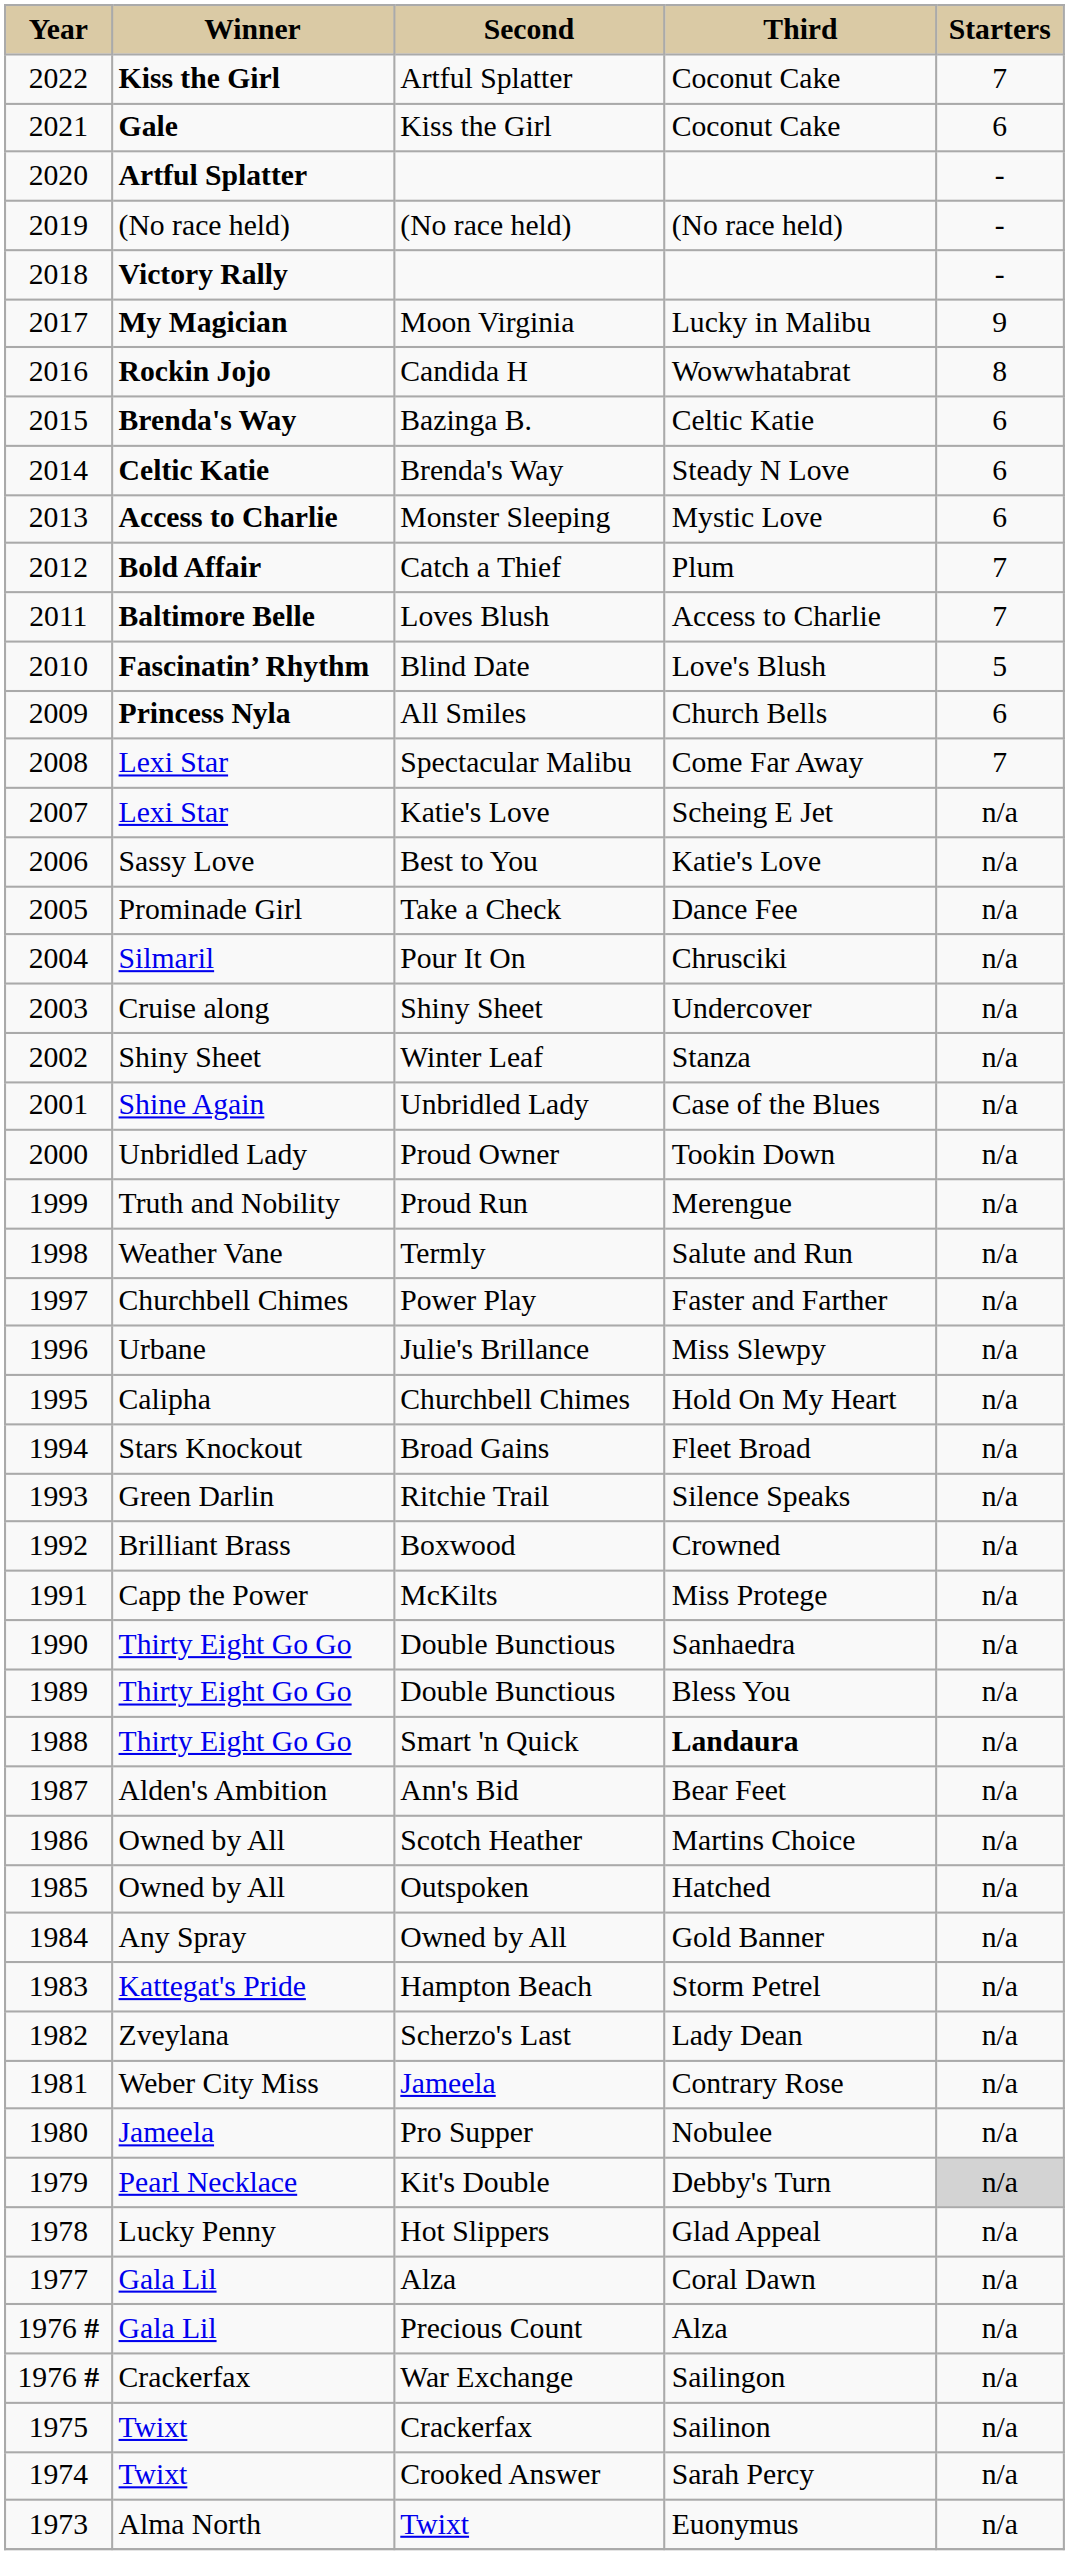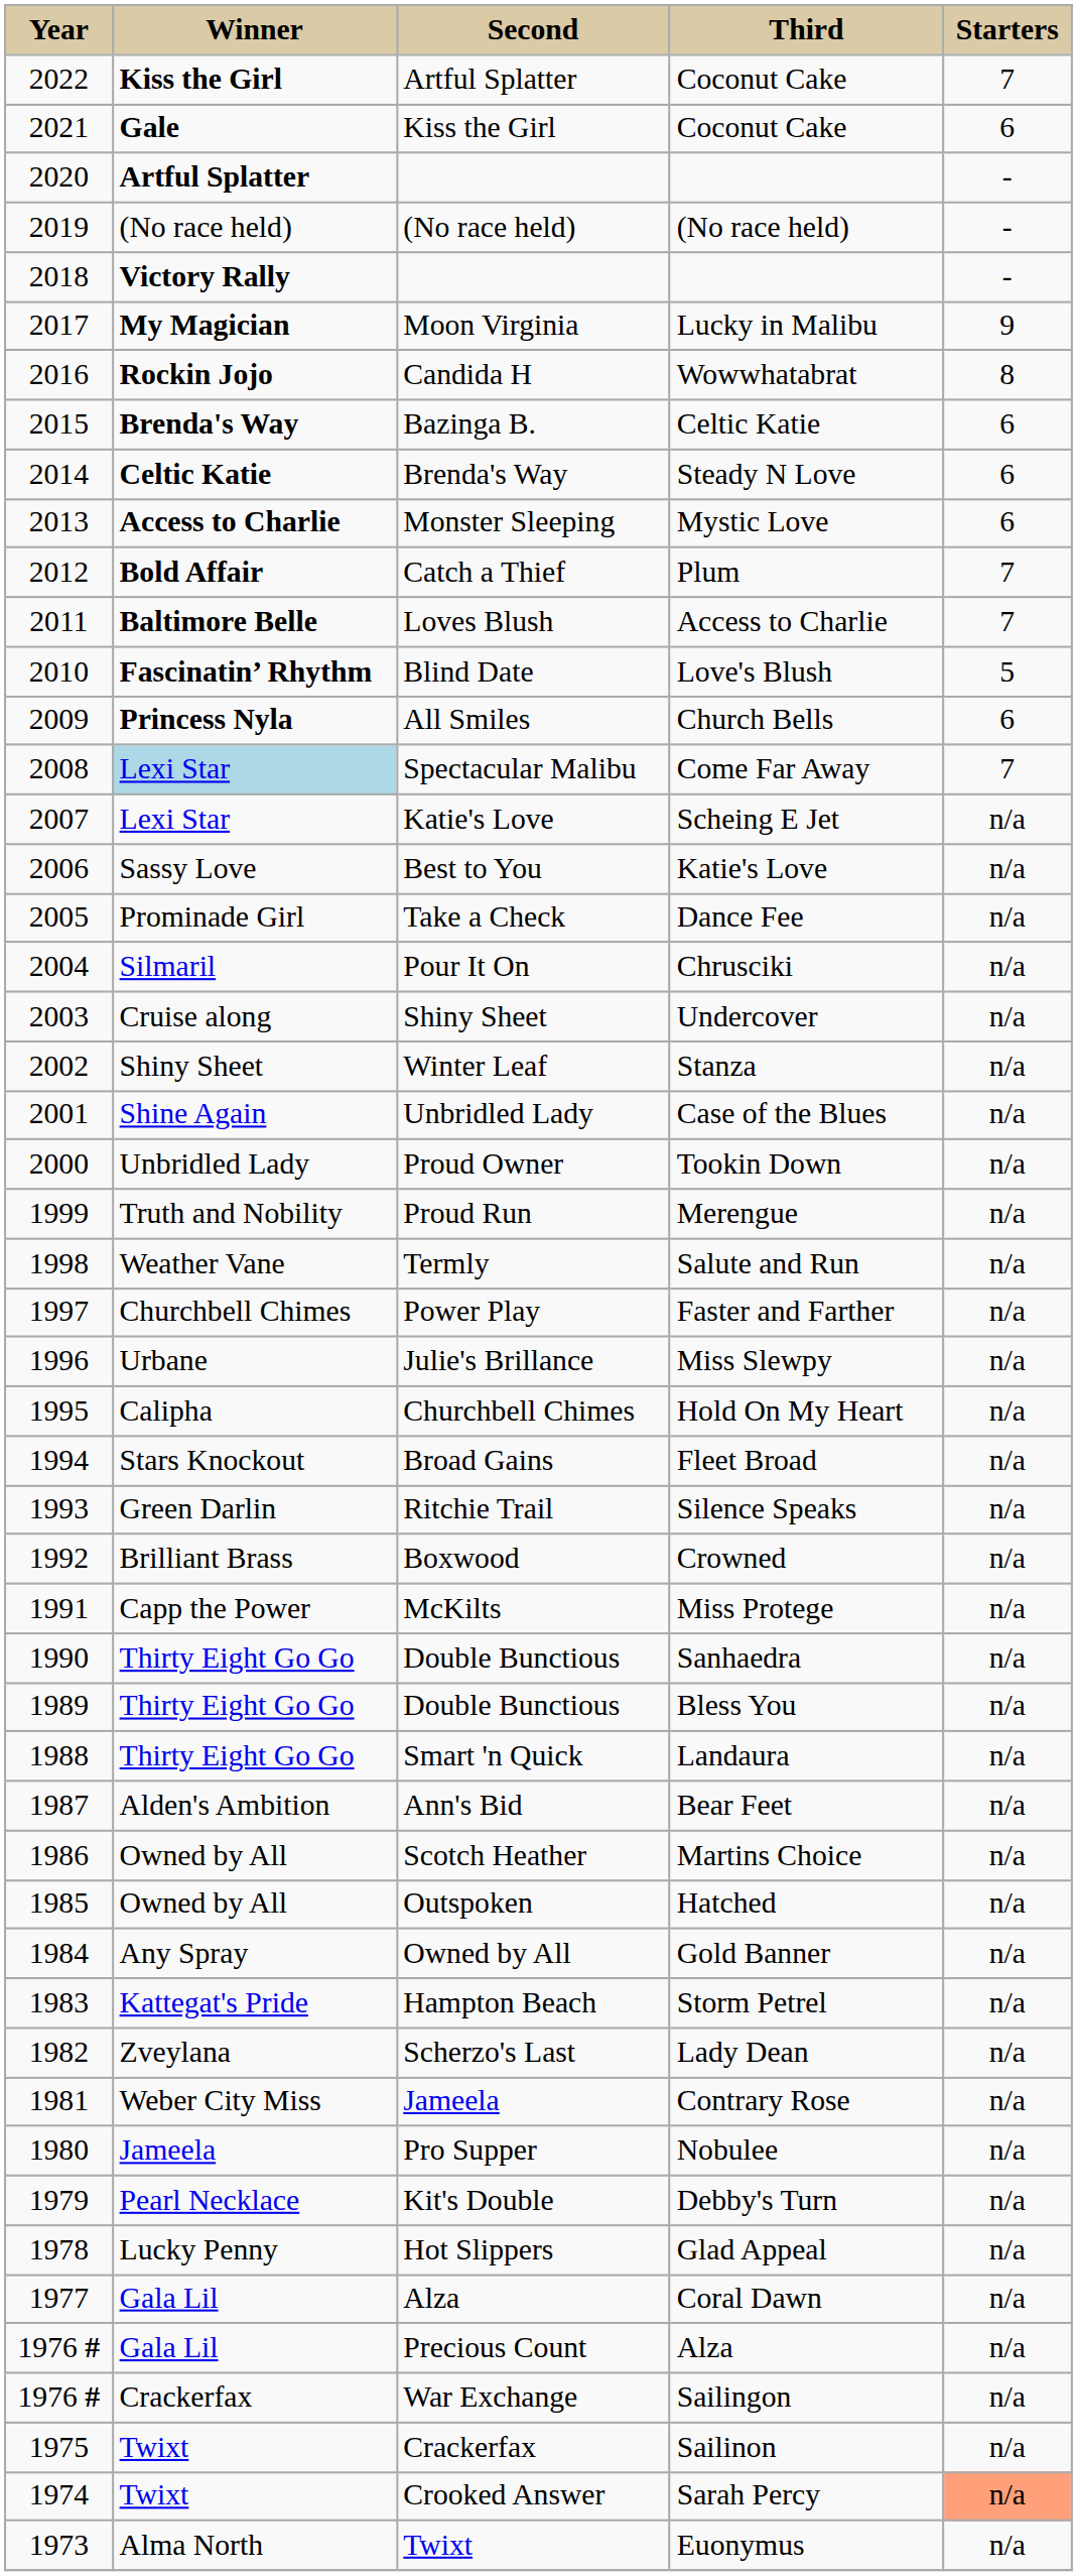 <table class = "wikitable sortable" | border="1" cellpadding="0" style="border-collapse: collapse; font-size:90%">
 <tr bgcolor="#DACAA5" align="center">
 <td width="45px"><strong>Year</strong> <br></td>
 <td width="130px"><strong>Winner</strong> <br></td>
 <td width="125px"><strong>Second</strong> <br></td>
 <td width="125px"><strong>Third</strong> <br></td>
 <td width="55px"><strong>Starters</strong></td>
 </tr>
 <tr>
 <td align=center>2022</td>
 <td><strong>Kiss the Girl</strong></td>
 <td>Artful Splatter</td>
 <td>Coconut Cake</td>
 <td align=center>7</td>
 </tr>
 <tr>
 <td align=center>2021</td>
 <td><strong>Gale</strong></td>
 <td>Kiss the Girl</td>
 <td>Coconut Cake</td>
 <td align=center>6</td>
 </tr>
 <tr>
 <td align=center>2020</td>
 <td><strong>Artful Splatter</strong></td>
 <td></td>
 <td></td>
 <td align=center>-</td>
 </tr>
 <tr>
 <td align=center>2019</td>
 <td>(No race held)</td>
 <td>(No race held)</td>
 <td>(No race held)</td>
 <td align=center>-</td>
 </tr>
 <tr>
 <td align=center>2018</td>
 <td><strong>Victory Rally</strong></td>
 <td></td>
 <td></td>
 <td align=center>-</td>
 </tr>
 <tr>
 <td align=center>2017</td>
 <td><strong>My Magician</strong></td>
 <td>Moon Virginia</td>
 <td>Lucky in Malibu</td>
 <td align=center>9</td>
 </tr>
 <tr>
 <td align=center>2016</td>
 <td><strong>Rockin Jojo</strong></td>
 <td>Candida H</td>
 <td>Wowwhatabrat</td>
 <td align=center>8</td>
 </tr>
 <tr>
 <td align=center>2015</td>
 <td><strong>Brenda's Way</strong></td>
 <td>Bazinga B.</td>
 <td>Celtic Katie</td>
 <td align=center>6</td>
 </tr>
 <tr>
 <td align=center>2014</td>
 <td><strong>Celtic Katie</strong></td>
 <td>Brenda's Way</td>
 <td>Steady N Love</td>
 <td align=center>6</td>
 </tr>
 <tr>
 <td align=center>2013</td>
 <td><strong>Access to Charlie</strong></td>
 <td>Monster Sleeping</td>
 <td>Mystic Love</td>
 <td align=center>6</td>
 </tr>
 <tr>
 <td align=center>2012</td>
 <td><strong>Bold Affair</strong></td>
 <td>Catch a Thief</td>
 <td>Plum</td>
 <td align=center>7</td>
 </tr>
 <tr>
 <td align=center>2011</td>
 <td><strong>Baltimore Belle</strong></td>
 <td>Loves Blush</td>
 <td>Access to Charlie</td>
 <td align=center>7</td>
 </tr>
 <tr>
 <td align=center>2010</td>
 <td><strong>Fascinatin’ Rhythm</strong></td>
 <td>Blind Date</td>
 <td>Love's Blush</td>
 <td align=center>5</td>
 </tr>
 <tr>
 <td align=center>2009</td>
 <td><strong>Princess Nyla</strong></td>
 <td>All Smiles</td>
 <td>Church Bells</td>
 <td align=center>6</td>
 </tr>
 <tr>
 <td align=center>2008</td>
-<td><a href='#'>Lexi Star</a></td>
+<td style="background: lightblue;"><a href='#'>Lexi Star</a></td>
 <td>Spectacular Malibu</td>
 <td>Come Far Away</td>
 <td align=center>7</td>
 </tr>
 <tr>
 <td align=center>2007</td>
 <td><a href='#'>Lexi Star</a></td>
 <td>Katie's Love</td>
 <td>Scheing E Jet</td>
 <td align=center>n/a</td>
 </tr>
 <tr>
 <td align=center>2006</td>
 <td>Sassy Love</td>
 <td>Best to You</td>
 <td>Katie's Love</td>
 <td align=center>n/a</td>
 </tr>
 <tr>
 <td align=center>2005</td>
 <td>Prominade Girl</td>
 <td>Take a Check</td>
 <td>Dance Fee</td>
 <td align=center>n/a</td>
 </tr>
 <tr>
 <td align=center>2004</td>
 <td><a href='#'>Silmaril</a></td>
 <td>Pour It On</td>
 <td>Chrusciki</td>
 <td align=center>n/a</td>
 </tr>
 <tr>
 <td align=center>2003</td>
 <td>Cruise along</td>
 <td>Shiny Sheet</td>
 <td>Undercover</td>
 <td align=center>n/a</td>
 </tr>
 <tr>
 <td align=center>2002</td>
 <td>Shiny Sheet</td>
 <td>Winter Leaf</td>
 <td>Stanza</td>
 <td align=center>n/a</td>
 </tr>
 <tr>
 <td align=center>2001</td>
 <td><a href='#'>Shine Again</a></td>
 <td>Unbridled Lady</td>
 <td>Case of the Blues</td>
 <td align=center>n/a</td>
 </tr>
 <tr>
 <td align=center>2000</td>
 <td>Unbridled Lady</td>
 <td>Proud Owner</td>
 <td>Tookin Down</td>
 <td align=center>n/a</td>
 </tr>
 <tr>
 <td align=center>1999</td>
 <td>Truth and Nobility</td>
 <td>Proud Run</td>
 <td>Merengue</td>
 <td align=center>n/a</td>
 </tr>
 <tr>
 <td align=center>1998</td>
 <td>Weather Vane</td>
 <td>Termly</td>
 <td>Salute and Run</td>
 <td align=center>n/a</td>
 </tr>
 <tr>
 <td align=center>1997</td>
 <td>Churchbell Chimes</td>
 <td>Power Play</td>
 <td>Faster and Farther</td>
 <td align=center>n/a</td>
 </tr>
 <tr>
 <td align=center>1996</td>
 <td>Urbane</td>
 <td>Julie's Brillance</td>
 <td>Miss Slewpy</td>
 <td align=center>n/a</td>
 </tr>
 <tr>
 <td align=center>1995</td>
 <td>Calipha</td>
 <td>Churchbell Chimes</td>
 <td>Hold On My Heart</td>
 <td align=center>n/a</td>
 </tr>
 <tr>
 <td align=center>1994</td>
 <td>Stars Knockout</td>
 <td>Broad Gains</td>
 <td>Fleet Broad</td>
 <td align=center>n/a</td>
 </tr>
 <tr>
 <td align=center>1993</td>
 <td>Green Darlin</td>
 <td>Ritchie Trail</td>
 <td>Silence Speaks</td>
 <td align=center>n/a</td>
 </tr>
 <tr>
 <td align=center>1992</td>
 <td>Brilliant Brass</td>
 <td>Boxwood</td>
 <td>Crowned</td>
 <td align=center>n/a</td>
 </tr>
 <tr>
 <td align=center>1991</td>
 <td>Capp the Power</td>
 <td>McKilts</td>
 <td>Miss Protege</td>
 <td align=center>n/a</td>
 </tr>
 <tr>
 <td align=center>1990</td>
 <td><a href='#'>Thirty Eight Go Go</a></td>
 <td>Double Bunctious</td>
 <td>Sanhaedra</td>
 <td align=center>n/a</td>
 </tr>
 <tr>
 <td align=center>1989</td>
 <td><a href='#'>Thirty Eight Go Go</a></td>
 <td>Double Bunctious</td>
 <td>Bless You</td>
 <td align=center>n/a</td>
 </tr>
 <tr>
 <td align=center>1988</td>
 <td><a href='#'>Thirty Eight Go Go</a></td>
 <td>Smart 'n Quick</td>
-<td><strong>Landaura</strong></td>
+<td>Landaura</td>
 <td align=center>n/a</td>
 </tr>
 <tr>
 <td align=center>1987</td>
 <td>Alden's Ambition</td>
 <td>Ann's Bid</td>
 <td>Bear Feet</td>
 <td align=center>n/a</td>
 </tr>
 <tr>
 <td align=center>1986</td>
 <td>Owned by All</td>
 <td>Scotch Heather</td>
 <td>Martins Choice</td>
 <td align=center>n/a</td>
 </tr>
 <tr>
 <td align=center>1985</td>
 <td>Owned by All</td>
 <td>Outspoken</td>
 <td>Hatched</td>
 <td align=center>n/a</td>
 </tr>
 <tr>
 <td align=center>1984</td>
 <td>Any Spray</td>
 <td>Owned by All</td>
 <td>Gold Banner</td>
 <td align=center>n/a</td>
 </tr>
 <tr>
 <td align=center>1983</td>
 <td><a href='#'>Kattegat's Pride</a></td>
 <td>Hampton Beach</td>
 <td>Storm Petrel</td>
 <td align=center>n/a</td>
 </tr>
 <tr>
 <td align=center>1982</td>
 <td>Zveylana</td>
 <td>Scherzo's Last</td>
 <td>Lady Dean</td>
 <td align=center>n/a</td>
 </tr>
 <tr>
 <td align=center>1981</td>
 <td>Weber City Miss</td>
 <td><a href='#'>Jameela</a></td>
 <td>Contrary Rose</td>
 <td align=center>n/a</td>
 </tr>
 <tr>
 <td align=center>1980</td>
 <td><a href='#'>Jameela</a></td>
 <td>Pro Supper</td>
 <td>Nobulee</td>
 <td align=center>n/a</td>
 </tr>
 <tr>
 <td align=center>1979</td>
 <td><a href='#'>Pearl Necklace</a></td>
 <td>Kit's Double</td>
 <td>Debby's Turn</td>
-<td align=center style="background: lightgrey;">n/a</td>
+<td align=center>n/a</td>
 </tr>
 <tr>
 <td align=center>1978</td>
 <td>Lucky Penny</td>
 <td>Hot Slippers</td>
 <td>Glad Appeal</td>
 <td align=center>n/a</td>
 </tr>
 <tr>
 <td align=center>1977</td>
 <td><a href='#'>Gala Lil</a></td>
 <td>Alza</td>
 <td>Coral Dawn</td>
 <td align=center>n/a</td>
 </tr>
 <tr>
 <td align=center>1976 <strong>#</strong></td>
 <td><a href='#'>Gala Lil</a></td>
 <td>Precious Count</td>
 <td>Alza</td>
 <td align=center>n/a</td>
 </tr>
 <tr>
 <td align=center>1976 <strong>#</strong></td>
 <td>Crackerfax</td>
 <td>War Exchange</td>
 <td>Sailingon</td>
 <td align=center>n/a</td>
 </tr>
 <tr>
 <td align=center>1975</td>
 <td><a href='#'>Twixt</a></td>
 <td>Crackerfax</td>
 <td>Sailinon</td>
 <td align=center>n/a</td>
 </tr>
 <tr>
 <td align=center>1974</td>
 <td><a href='#'>Twixt</a></td>
 <td>Crooked Answer</td>
 <td>Sarah Percy</td>
-<td align=center>n/a</td>
+<td align=center style="background: lightsalmon;">n/a</td>
 </tr>
 <tr>
 <td align=center>1973</td>
 <td>Alma North</td>
 <td><a href='#'>Twixt</a></td>
 <td>Euonymus</td>
 <td align=center>n/a</td>
 </tr>
 <tr>
 </tr>
 </table>
